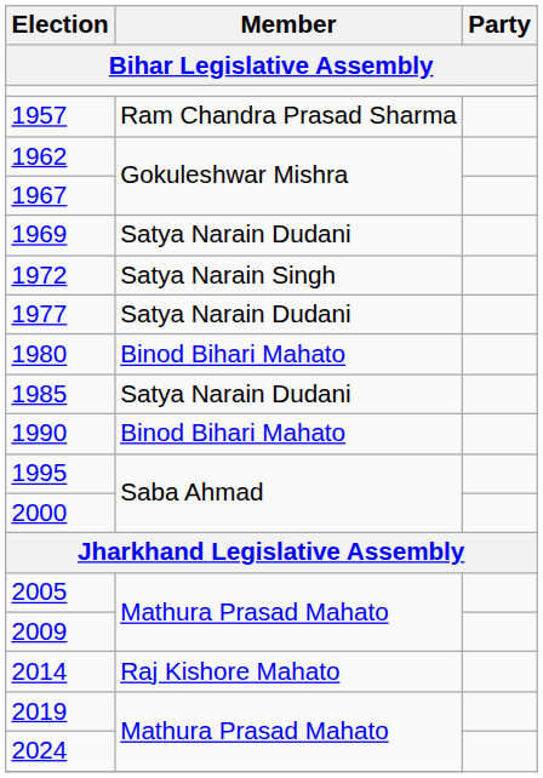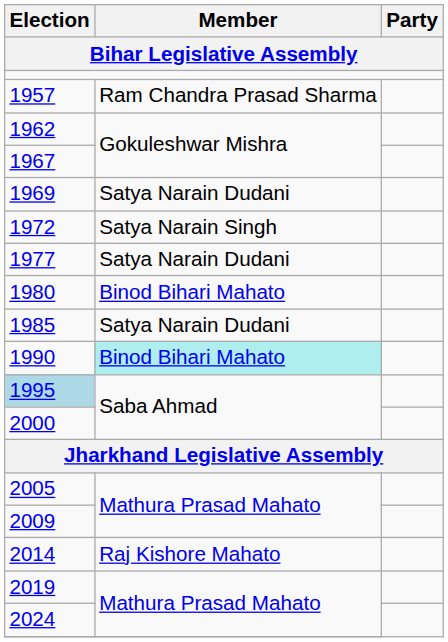 <table class="wikitable sortable">
 <tr>
 <th>Election</th>
 <th>Member</th>
 <th colspan=2>Party</th>
 </tr>
 <tr>
 <th colspan=4><a href='#'>Bihar Legislative Assembly</a></th>
 </tr>
 <tr>
 <td colspan="4"></td>
 </tr>
 <tr>
 <td><a href='#'>1957</a></td>
 <td>Ram Chandra Prasad Sharma</td>
 <td></td>
 </tr>
 <tr>
 <td><a href='#'>1962</a></td>
 <td rowspan=2>Gokuleshwar Mishra</td>
 <td></td>
 </tr>
 <tr>
 <td><a href='#'>1967</a></td>
 <td></td>
 </tr>
 <tr>
 <td><a href='#'>1969</a></td>
 <td>Satya Narain Dudani</td>
 <td></td>
 </tr>
 <tr>
 <td><a href='#'>1972</a></td>
 <td>Satya Narain Singh</td>
 <td></td>
 </tr>
 <tr>
 <td><a href='#'>1977</a></td>
 <td>Satya Narain Dudani</td>
 <td></td>
 </tr>
 <tr>
 <td><a href='#'>1980</a></td>
 <td><a href='#'>Binod Bihari Mahato</a></td>
 <td></td>
 </tr>
 <tr>
 <td><a href='#'>1985</a></td>
 <td>Satya Narain Dudani</td>
 <td></td>
 </tr>
 <tr>
 <td><a href='#'>1990</a></td>
-<td><a href='#'>Binod Bihari Mahato</a></td>
+<td style="background: paleturquoise;"><a href='#'>Binod Bihari Mahato</a></td>
 <td></td>
 </tr>
 <tr>
-<td><a href='#'>1995</a></td>
+<td style="background: lightblue;"><a href='#'>1995</a></td>
 <td rowspan=2>Saba Ahmad</td>
 </tr>
 <tr>
 <td><a href='#'>2000</a></td>
 <td></td>
 </tr>
 <tr>
 <th colspan=4><a href='#'>Jharkhand Legislative Assembly</a></th>
 </tr>
 <tr>
 <td><a href='#'>2005</a></td>
 <td rowspan=2><a href='#'>Mathura Prasad Mahato</a></td>
 <td></td>
 </tr>
 <tr>
 <td><a href='#'>2009</a></td>
 </tr>
 <tr>
 <td><a href='#'>2014</a></td>
 <td><a href='#'>Raj Kishore Mahato</a></td>
 <td></td>
 </tr>
 <tr>
 <td><a href='#'>2019</a></td>
 <td rowspan =2><a href='#'>Mathura Prasad Mahato</a></td>
 <td></td>
 </tr>
 <tr>
 <td><a href='#'>2024</a></td>
 </tr>
 <tr>
 </tr>
 </table>
